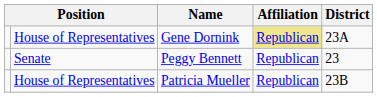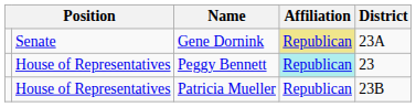 <table class="wikitable">
 <tr>
 <th colspan="2">Position</th>
 <th>Name</th>
 <th>Affiliation</th>
 <th>District</th>
 </tr>
 <tr>
 <td style="background-color:"></td>
-<td><a href='#'>House of Representatives</a></td>
+<td><a href='#'>Senate</a></td>
 <td><a href='#'>Gene Dornink</a></td>
 <td style="background: khaki;"><a href='#'>Republican</a></td>
 <td>23A</td>
 </tr>
 <tr>
 <td style="background-color:"></td>
-<td><a href='#'>Senate</a></td>
+<td><a href='#'>House of Representatives</a></td>
 <td><a href='#'>Peggy Bennett</a></td>
-<td><a href='#'>Republican</a></td>
+<td style="background: paleturquoise;"><a href='#'>Republican</a></td>
 <td>23</td>
 </tr>
 <tr>
 <td style="background-color:"></td>
 <td><a href='#'>House of Representatives</a></td>
 <td><a href='#'>Patricia Mueller</a></td>
 <td><a href='#'>Republican</a></td>
 <td>23B</td>
 </tr>
 </table>
